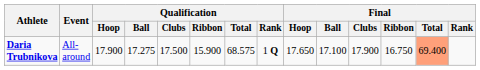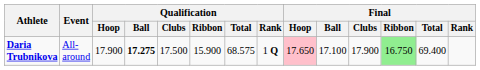 <table class=wikitable style="text-align:center;font-size:90%">
 <tr>
 <th rowspan=2>Athlete</th>
 <th rowspan=2>Event</th>
 <th colspan=6>Qualification</th>
 <th colspan=6>Final</th>
 </tr>
 <tr style="font-size:95%">
 <th>Hoop</th>
 <th>Ball</th>
 <th>Clubs</th>
 <th>Ribbon</th>
 <th>Total</th>
 <th>Rank</th>
 <th>Hoop</th>
 <th>Ball</th>
 <th>Clubs</th>
 <th>Ribbon</th>
 <th>Total</th>
 <th>Rank</th>
 </tr>
 <tr>
 <td align=left><strong><a href='#'>Daria Trubnikova</a></strong></td>
 <td align=left><a href='#'>All-around</a></td>
 <td>17.900</td>
-<td>17.275</td>
+<td><strong>17.275</strong></td>
 <td>17.500</td>
 <td>15.900</td>
 <td>68.575</td>
 <td>1 <strong>Q</strong></td>
-<td>17.650</td>
+<td style="background: pink;">17.650</td>
 <td>17.100</td>
 <td>17.900</td>
-<td>16.750</td>
-<td style="background: lightsalmon;">69.400</td>
+<td style="background: lightgreen;">16.750</td>
+<td>69.400</td>
 <td></td>
 </tr>
 </table>
